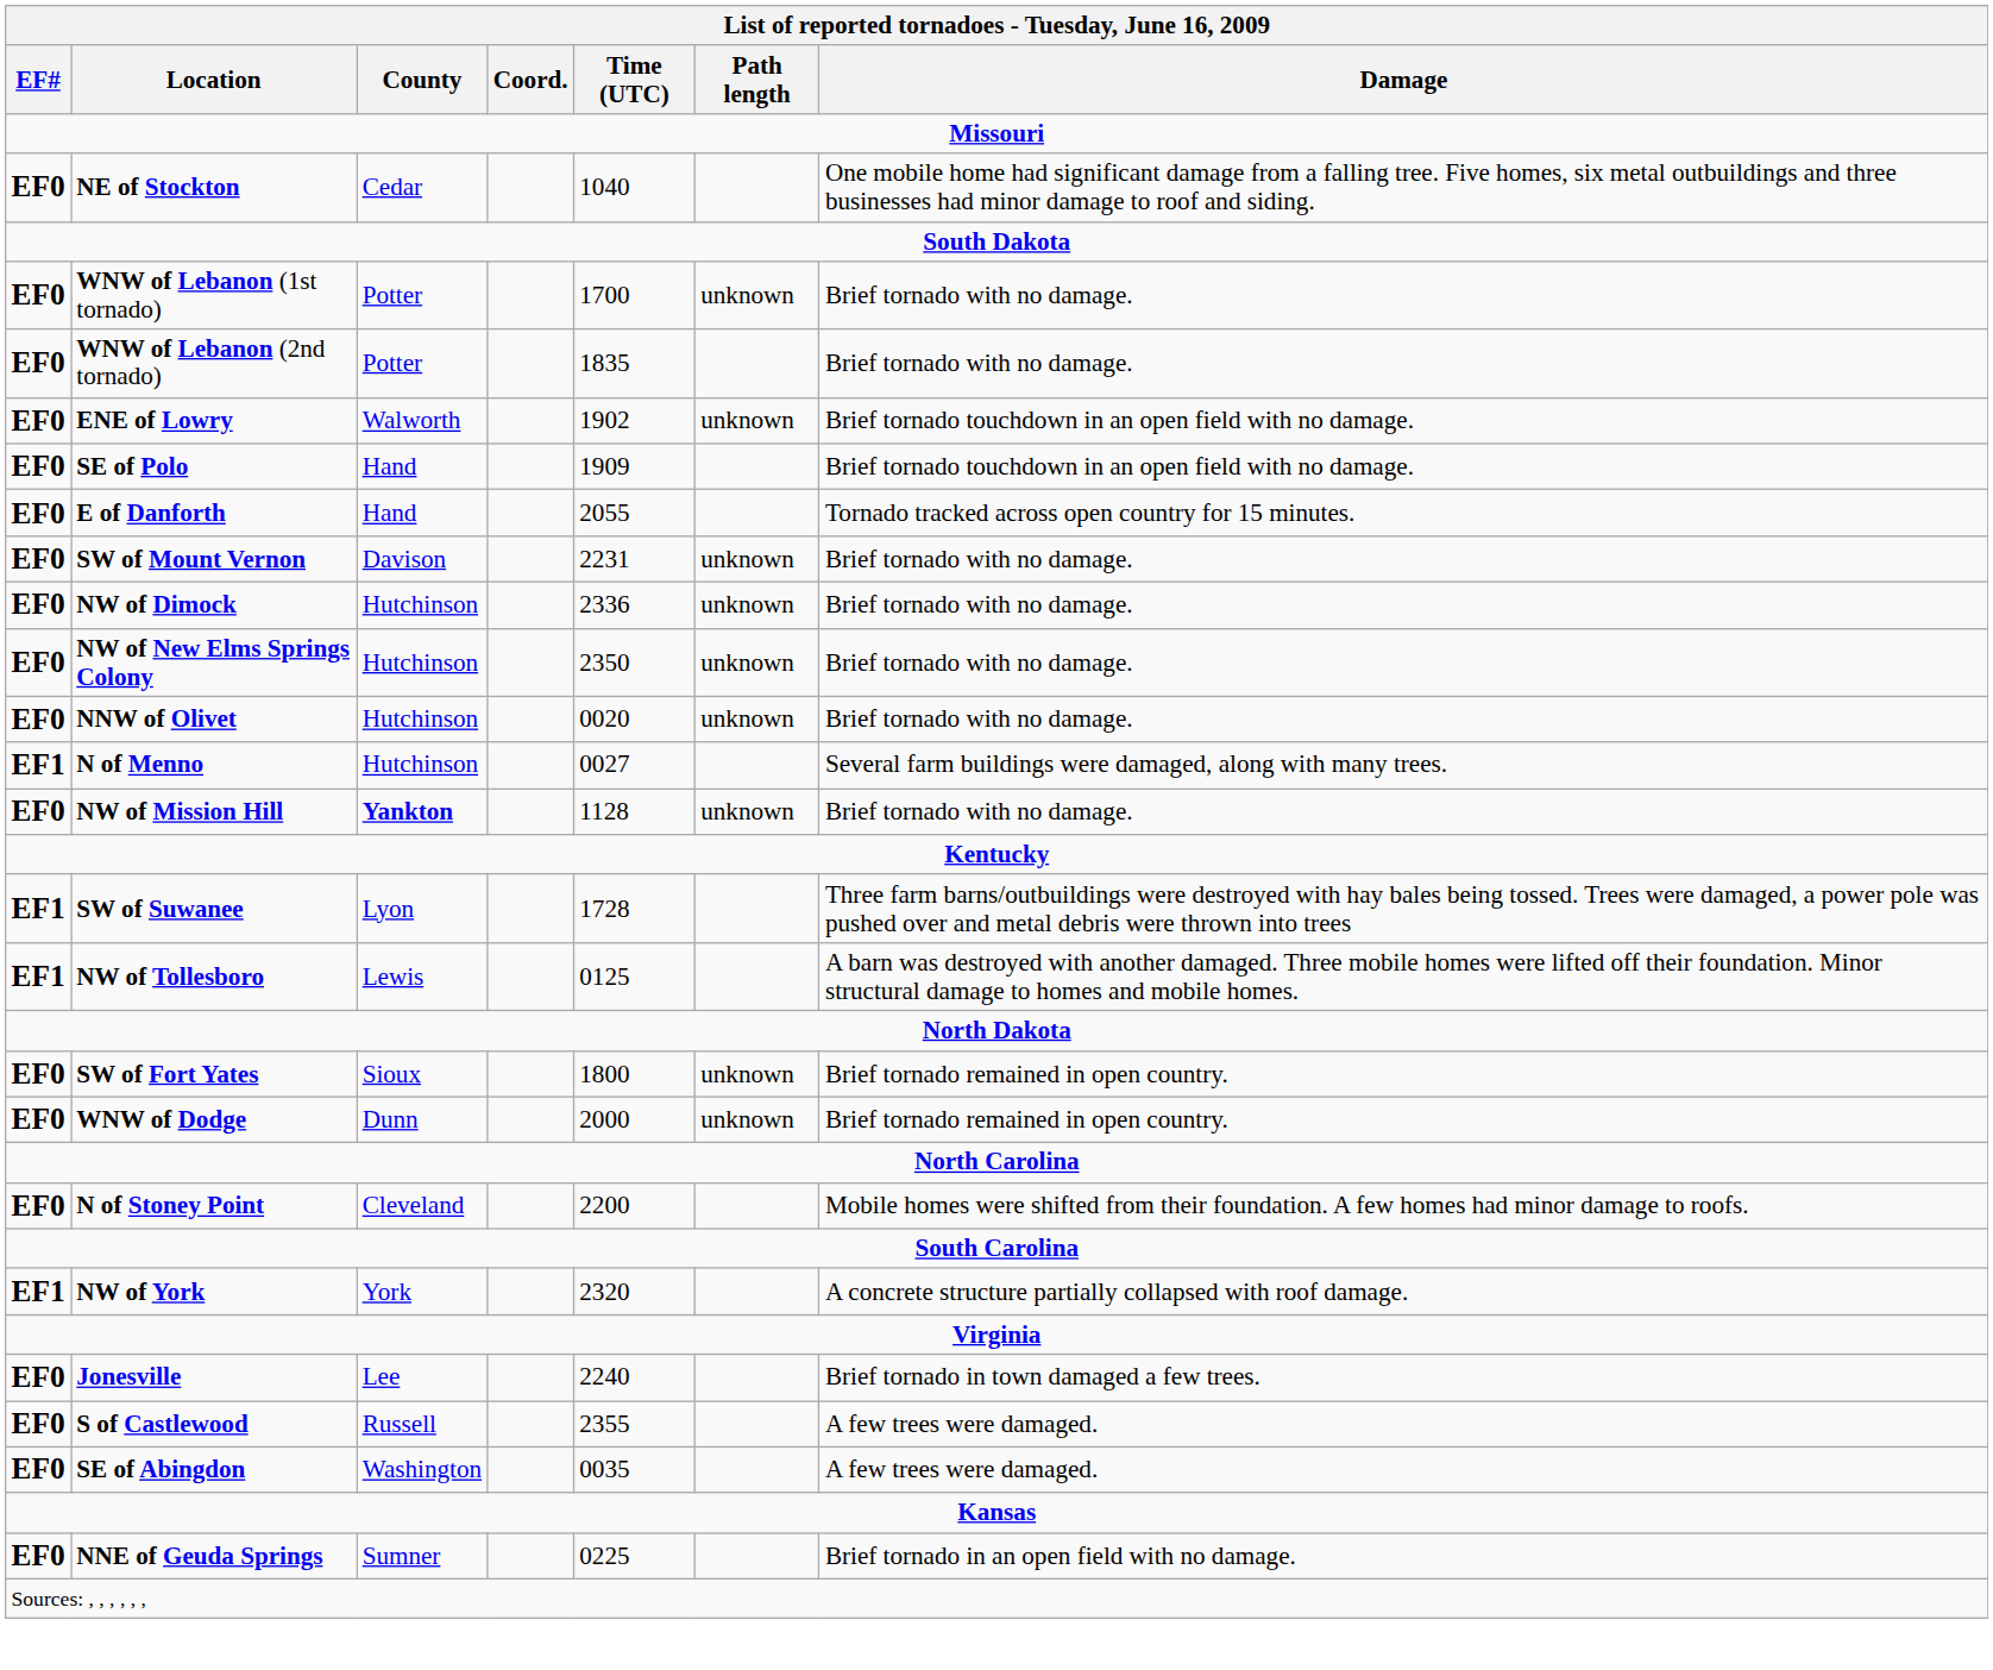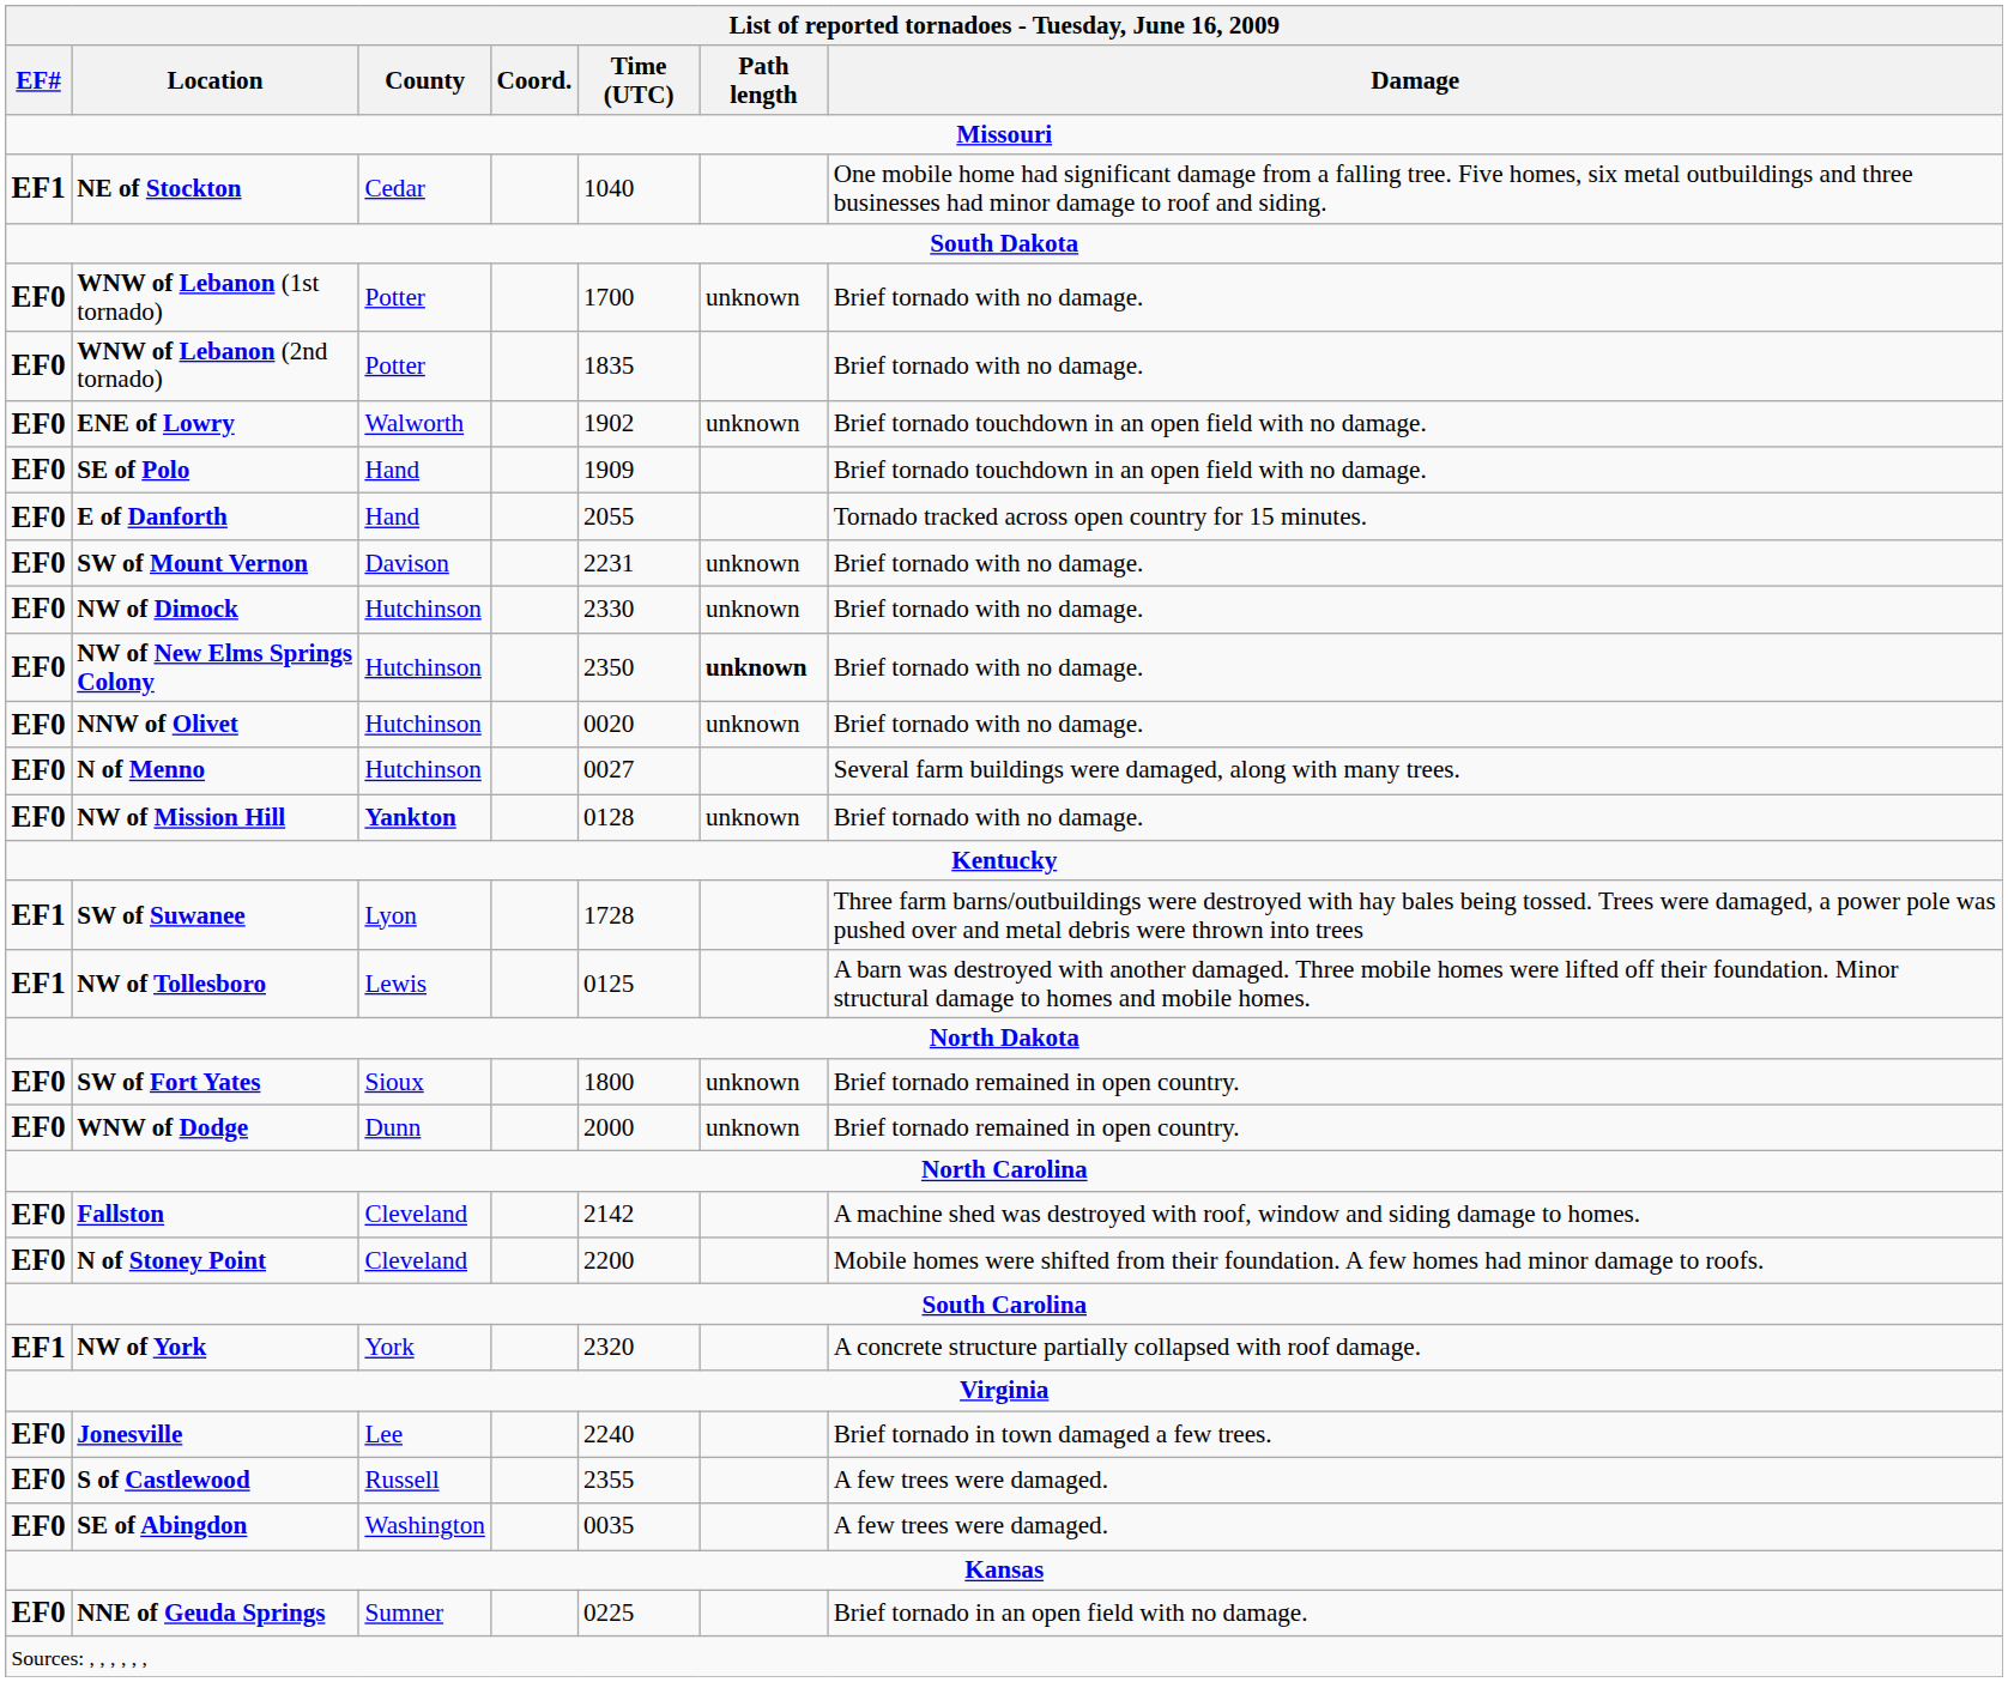 <table class="wikitable collapsible" width="100%">
 <tr>
 <th colspan="7">List of reported tornadoes - Tuesday, June 16, 2009</th>
 </tr>
 <tr>
 <th><a href='#'>EF#</a></th>
 <th>Location</th>
 <th>County</th>
 <th>Coord.</th>
 <th>Time (UTC)</th>
 <th>Path length</th>
 <th>Damage</th>
 </tr>
 <tr>
 <td colspan="7" align=center><strong><a href='#'>Missouri</a></strong></td>
 </tr>
 <tr>
-<td><big><strong>EF0</strong></big></td>
+<td><big><strong>EF1</strong></big></td>
 <td><strong>NE of <a href='#'>Stockton</a></strong></td>
 <td><a href='#'>Cedar</a></td>
 <td></td>
 <td>1040</td>
 <td></td>
 <td>One mobile home had significant damage from a falling tree. Five homes, six metal outbuildings and three businesses had minor damage to roof and siding.</td>
 </tr>
 <tr>
 <td colspan="7" align=center><strong><a href='#'>South Dakota</a></strong></td>
 </tr>
 <tr>
 <td><big><strong>EF0</strong></big></td>
 <td><strong>WNW of <a href='#'>Lebanon</a></strong> (1st tornado)</td>
 <td><a href='#'>Potter</a></td>
 <td></td>
 <td>1700</td>
 <td>unknown</td>
 <td>Brief tornado with no damage.</td>
 </tr>
 <tr>
 <td><big><strong>EF0</strong></big></td>
 <td><strong>WNW of <a href='#'>Lebanon</a></strong> (2nd tornado)</td>
 <td><a href='#'>Potter</a></td>
 <td></td>
 <td>1835</td>
 <td></td>
 <td>Brief tornado with no damage.</td>
 </tr>
 <tr>
 <td><big><strong>EF0</strong></big></td>
 <td><strong>ENE of <a href='#'>Lowry</a></strong></td>
 <td><a href='#'>Walworth</a></td>
 <td></td>
 <td>1902</td>
 <td>unknown</td>
 <td>Brief tornado touchdown in an open field with no damage.</td>
 </tr>
 <tr>
 <td><big><strong>EF0</strong></big></td>
 <td><strong>SE of <a href='#'>Polo</a></strong></td>
 <td><a href='#'>Hand</a></td>
 <td></td>
 <td>1909</td>
 <td></td>
 <td>Brief tornado touchdown in an open field with no damage.</td>
 </tr>
 <tr>
 <td><big><strong>EF0</strong></big></td>
 <td><strong>E of <a href='#'>Danforth</a></strong></td>
 <td><a href='#'>Hand</a></td>
 <td></td>
 <td>2055</td>
 <td></td>
 <td>Tornado tracked across open country for 15 minutes.</td>
 </tr>
 <tr>
 <td><big><strong>EF0</strong></big></td>
 <td><strong>SW of <a href='#'>Mount Vernon</a></strong></td>
 <td><a href='#'>Davison</a></td>
 <td></td>
 <td>2231</td>
 <td>unknown</td>
 <td>Brief tornado with no damage.</td>
 </tr>
 <tr>
 <td><big><strong>EF0</strong></big></td>
 <td><strong>NW of <a href='#'>Dimock</a></strong></td>
 <td><a href='#'>Hutchinson</a></td>
 <td></td>
-<td>2336</td>
+<td>2330</td>
 <td>unknown</td>
 <td>Brief tornado with no damage.</td>
 </tr>
 <tr>
 <td><big><strong>EF0</strong></big></td>
 <td><strong>NW of <a href='#'>New Elms Springs Colony</a></strong></td>
 <td><a href='#'>Hutchinson</a></td>
 <td></td>
 <td>2350</td>
-<td>unknown</td>
+<td><strong>unknown</strong></td>
 <td>Brief tornado with no damage.</td>
 </tr>
 <tr>
 <td><big><strong>EF0</strong></big></td>
 <td><strong>NNW of <a href='#'>Olivet</a></strong></td>
 <td><a href='#'>Hutchinson</a></td>
 <td></td>
 <td>0020</td>
 <td>unknown</td>
 <td>Brief tornado with no damage.</td>
 </tr>
 <tr>
-<td><big><strong>EF1</strong></big></td>
+<td><big><strong>EF0</strong></big></td>
 <td><strong>N of <a href='#'>Menno</a></strong></td>
 <td><a href='#'>Hutchinson</a></td>
 <td></td>
 <td>0027</td>
 <td></td>
 <td>Several farm buildings were damaged, along with many trees.</td>
 </tr>
 <tr>
 <td><big><strong>EF0</strong></big></td>
 <td><strong>NW of <a href='#'>Mission Hill</a></strong></td>
 <td><strong><a href='#'>Yankton</a></strong></td>
 <td></td>
-<td>1128</td>
+<td>0128</td>
 <td>unknown</td>
 <td>Brief tornado with no damage.</td>
 </tr>
 <tr>
 <td colspan="7" align=center><strong><a href='#'>Kentucky</a></strong></td>
 </tr>
 <tr>
 <td><big><strong>EF1</strong></big></td>
 <td><strong>SW of <a href='#'>Suwanee</a></strong></td>
 <td><a href='#'>Lyon</a></td>
 <td></td>
 <td>1728</td>
 <td></td>
 <td>Three farm barns/outbuildings were destroyed with hay bales being tossed. Trees were damaged, a power pole was pushed over and metal debris were thrown into trees</td>
 </tr>
 <tr>
 <td><big><strong>EF1</strong></big></td>
 <td><strong>NW of <a href='#'>Tollesboro</a></strong></td>
 <td><a href='#'>Lewis</a></td>
 <td></td>
 <td>0125</td>
 <td></td>
 <td>A barn was destroyed with another damaged. Three mobile homes were lifted off their foundation. Minor structural damage to homes and mobile homes.</td>
 </tr>
 <tr>
 <td colspan="7" align=center><strong><a href='#'>North Dakota</a></strong></td>
 </tr>
 <tr>
 <td><big><strong>EF0</strong></big></td>
 <td><strong>SW of <a href='#'>Fort Yates</a></strong></td>
 <td><a href='#'>Sioux</a></td>
 <td></td>
 <td>1800</td>
 <td>unknown</td>
 <td>Brief tornado remained in open country.</td>
 </tr>
 <tr>
 <td><big><strong>EF0</strong></big></td>
 <td><strong>WNW of <a href='#'>Dodge</a></strong></td>
 <td><a href='#'>Dunn</a></td>
 <td></td>
 <td>2000</td>
 <td>unknown</td>
 <td>Brief tornado remained in open country.</td>
 </tr>
 <tr>
 <td colspan="7" align=center><strong><a href='#'>North Carolina</a></strong></td>
+</tr>
+<tr>
+<td><big><strong>EF0</strong></big></td>
+<td><strong><a href='#'>Fallston</a></strong></td>
+<td><a href='#'>Cleveland</a></td>
+<td></td>
+<td>2142</td>
+<td></td>
+<td>A machine shed was destroyed with roof, window and siding damage to homes.</td>
 </tr>
 <tr>
 <td><big><strong>EF0</strong></big></td>
 <td><strong>N of <a href='#'>Stoney Point</a></strong></td>
 <td><a href='#'>Cleveland</a></td>
 <td></td>
 <td>2200</td>
 <td></td>
 <td>Mobile homes were shifted from their foundation. A few homes had minor damage to roofs.</td>
 </tr>
 <tr>
 <td colspan="7" align=center><strong><a href='#'>South Carolina</a></strong></td>
 </tr>
 <tr>
 <td><big><strong>EF1</strong></big></td>
 <td><strong>NW of <a href='#'>York</a></strong></td>
 <td><a href='#'>York</a></td>
 <td></td>
 <td>2320</td>
 <td></td>
 <td>A concrete structure partially collapsed with roof damage.</td>
 </tr>
 <tr>
 <td colspan="7" align=center><strong><a href='#'>Virginia</a></strong></td>
 </tr>
 <tr>
 <td><big><strong>EF0</strong></big></td>
 <td><strong><a href='#'>Jonesville</a></strong></td>
 <td><a href='#'>Lee</a></td>
 <td></td>
 <td>2240</td>
 <td></td>
 <td>Brief tornado in town damaged a few trees.</td>
 </tr>
 <tr>
 <td><big><strong>EF0</strong></big></td>
 <td><strong>S of <a href='#'>Castlewood</a></strong></td>
 <td><a href='#'>Russell</a></td>
 <td></td>
 <td>2355</td>
 <td></td>
 <td>A few trees were damaged.</td>
 </tr>
 <tr>
 <td><big><strong>EF0</strong></big></td>
 <td><strong>SE of <a href='#'>Abingdon</a></strong></td>
 <td><a href='#'>Washington</a></td>
 <td></td>
 <td>0035</td>
 <td></td>
 <td>A few trees were damaged.</td>
 </tr>
 <tr>
 <td colspan="7" align=center><strong><a href='#'>Kansas</a></strong></td>
 </tr>
 <tr>
 <td><big><strong>EF0</strong></big></td>
 <td><strong>NNE of <a href='#'>Geuda Springs</a></strong></td>
 <td><a href='#'>Sumner</a></td>
 <td></td>
 <td>0225</td>
 <td></td>
 <td>Brief tornado in an open field with no damage.</td>
 </tr>
 <tr>
 <td colspan="7"><small>Sources: , , , , , , </small></td>
 </tr>
 </table>
